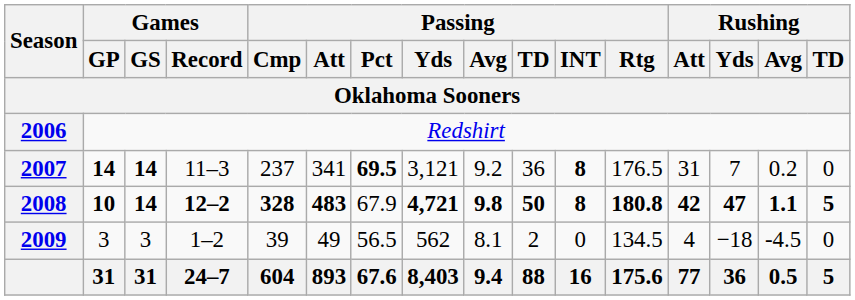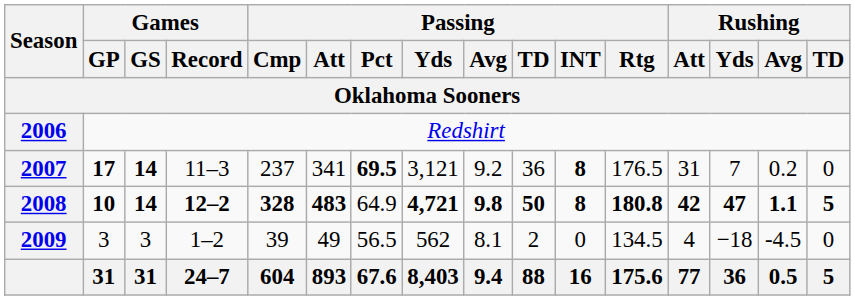 <table class="wikitable" style="text-align:center;">
 <tr>
 <th rowspan="2">Season</th>
 <th colspan="3">Games</th>
 <th colspan="8">Passing</th>
 <th colspan="4">Rushing</th>
 </tr>
 <tr>
 <th>GP</th>
 <th>GS</th>
 <th>Record</th>
 <th>Cmp</th>
 <th>Att</th>
 <th>Pct</th>
 <th>Yds</th>
 <th>Avg</th>
 <th>TD</th>
 <th>INT</th>
 <th>Rtg</th>
 <th>Att</th>
 <th>Yds</th>
 <th>Avg</th>
 <th>TD</th>
 </tr>
 <tr>
 <th colspan="16">Oklahoma Sooners</th>
 </tr>
 <tr>
 <th><a href='#'>2006</a></th>
 <td colspan="15"> <em><a href='#'>Redshirt</a></em></td>
 </tr>
 <tr>
 <th><a href='#'>2007</a></th>
-<td><strong>14</strong></td>
+<td><strong>17</strong></td>
 <td><strong>14</strong></td>
 <td>11–3</td>
 <td>237</td>
 <td>341</td>
 <td><strong>69.5</strong></td>
 <td>3,121</td>
 <td>9.2</td>
 <td>36</td>
 <td><strong>8</strong></td>
 <td>176.5</td>
 <td>31</td>
 <td>7</td>
 <td>0.2</td>
 <td>0</td>
 </tr>
 <tr>
 <th><a href='#'>2008</a></th>
 <td><strong>10</strong></td>
 <td><strong>14</strong></td>
 <td><strong>12–2</strong></td>
 <td><strong>328</strong></td>
 <td><strong>483</strong></td>
-<td>67.9</td>
+<td>64.9</td>
 <td><strong>4,721</strong></td>
 <td><strong>9.8</strong></td>
 <td><strong>50</strong></td>
 <td><strong>8</strong></td>
 <td><strong>180.8</strong></td>
 <td><strong>42</strong></td>
 <td><strong>47</strong></td>
 <td><strong>1.1</strong></td>
 <td><strong>5</strong></td>
 </tr>
 <tr>
 <th><a href='#'>2009</a></th>
 <td>3</td>
 <td>3</td>
 <td>1–2</td>
 <td>39</td>
 <td>49</td>
 <td>56.5</td>
 <td>562</td>
 <td>8.1</td>
 <td>2</td>
 <td>0</td>
 <td>134.5</td>
 <td>4</td>
 <td>−18</td>
 <td>-4.5</td>
 <td>0</td>
 </tr>
 <tr>
 <th></th>
 <th>31</th>
 <th>31</th>
 <th>24–7</th>
 <th>604</th>
 <th>893</th>
 <th>67.6</th>
 <th>8,403</th>
 <th>9.4</th>
 <th>88</th>
 <th>16</th>
 <th>175.6</th>
 <th>77</th>
 <th>36</th>
 <th>0.5</th>
 <th>5</th>
 </tr>
 </table>
